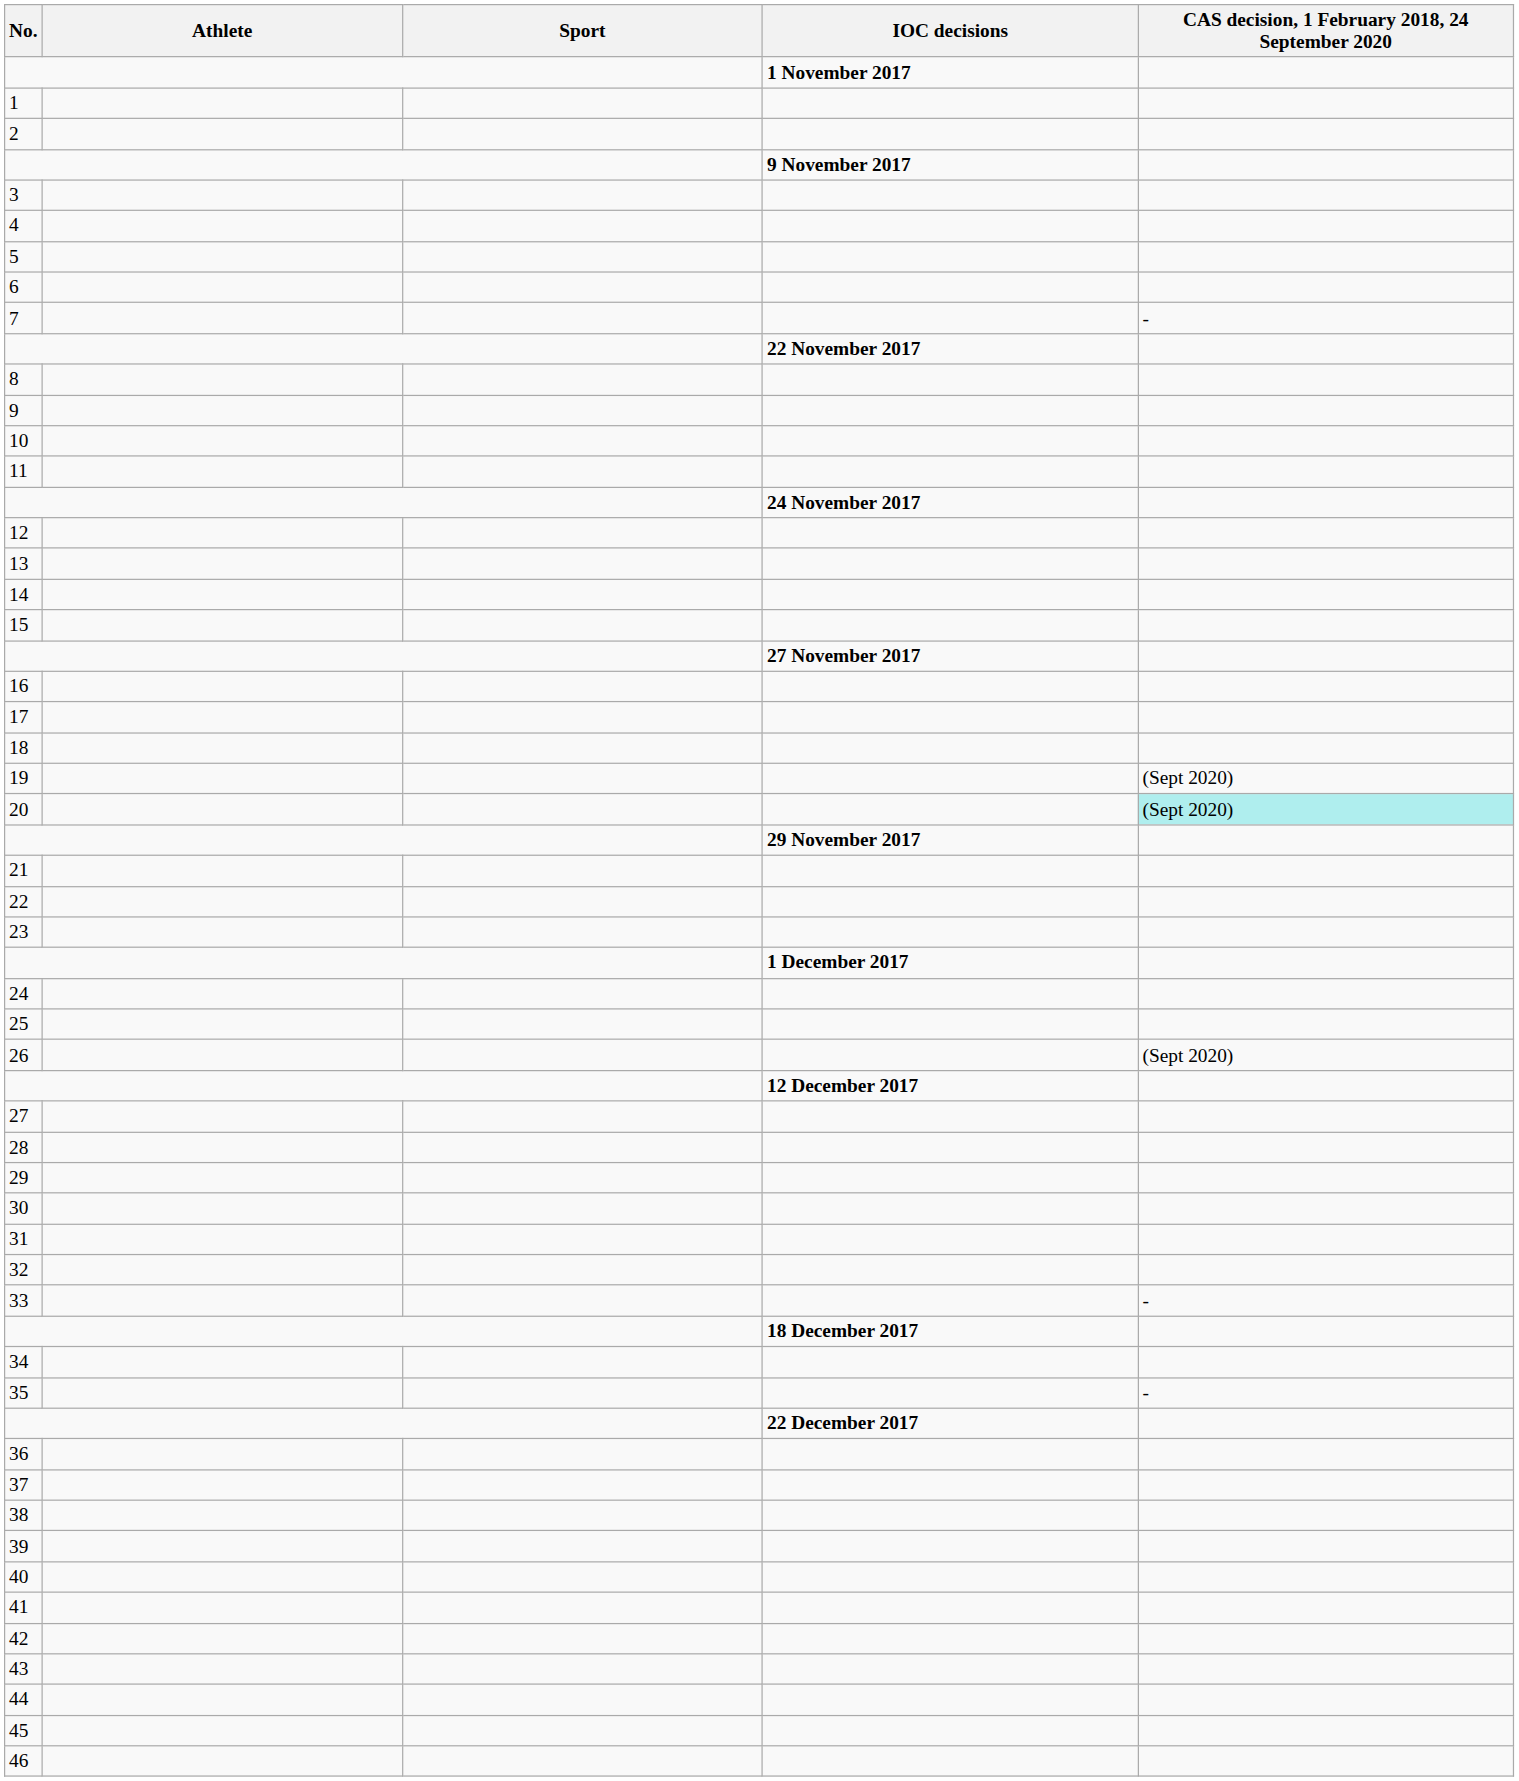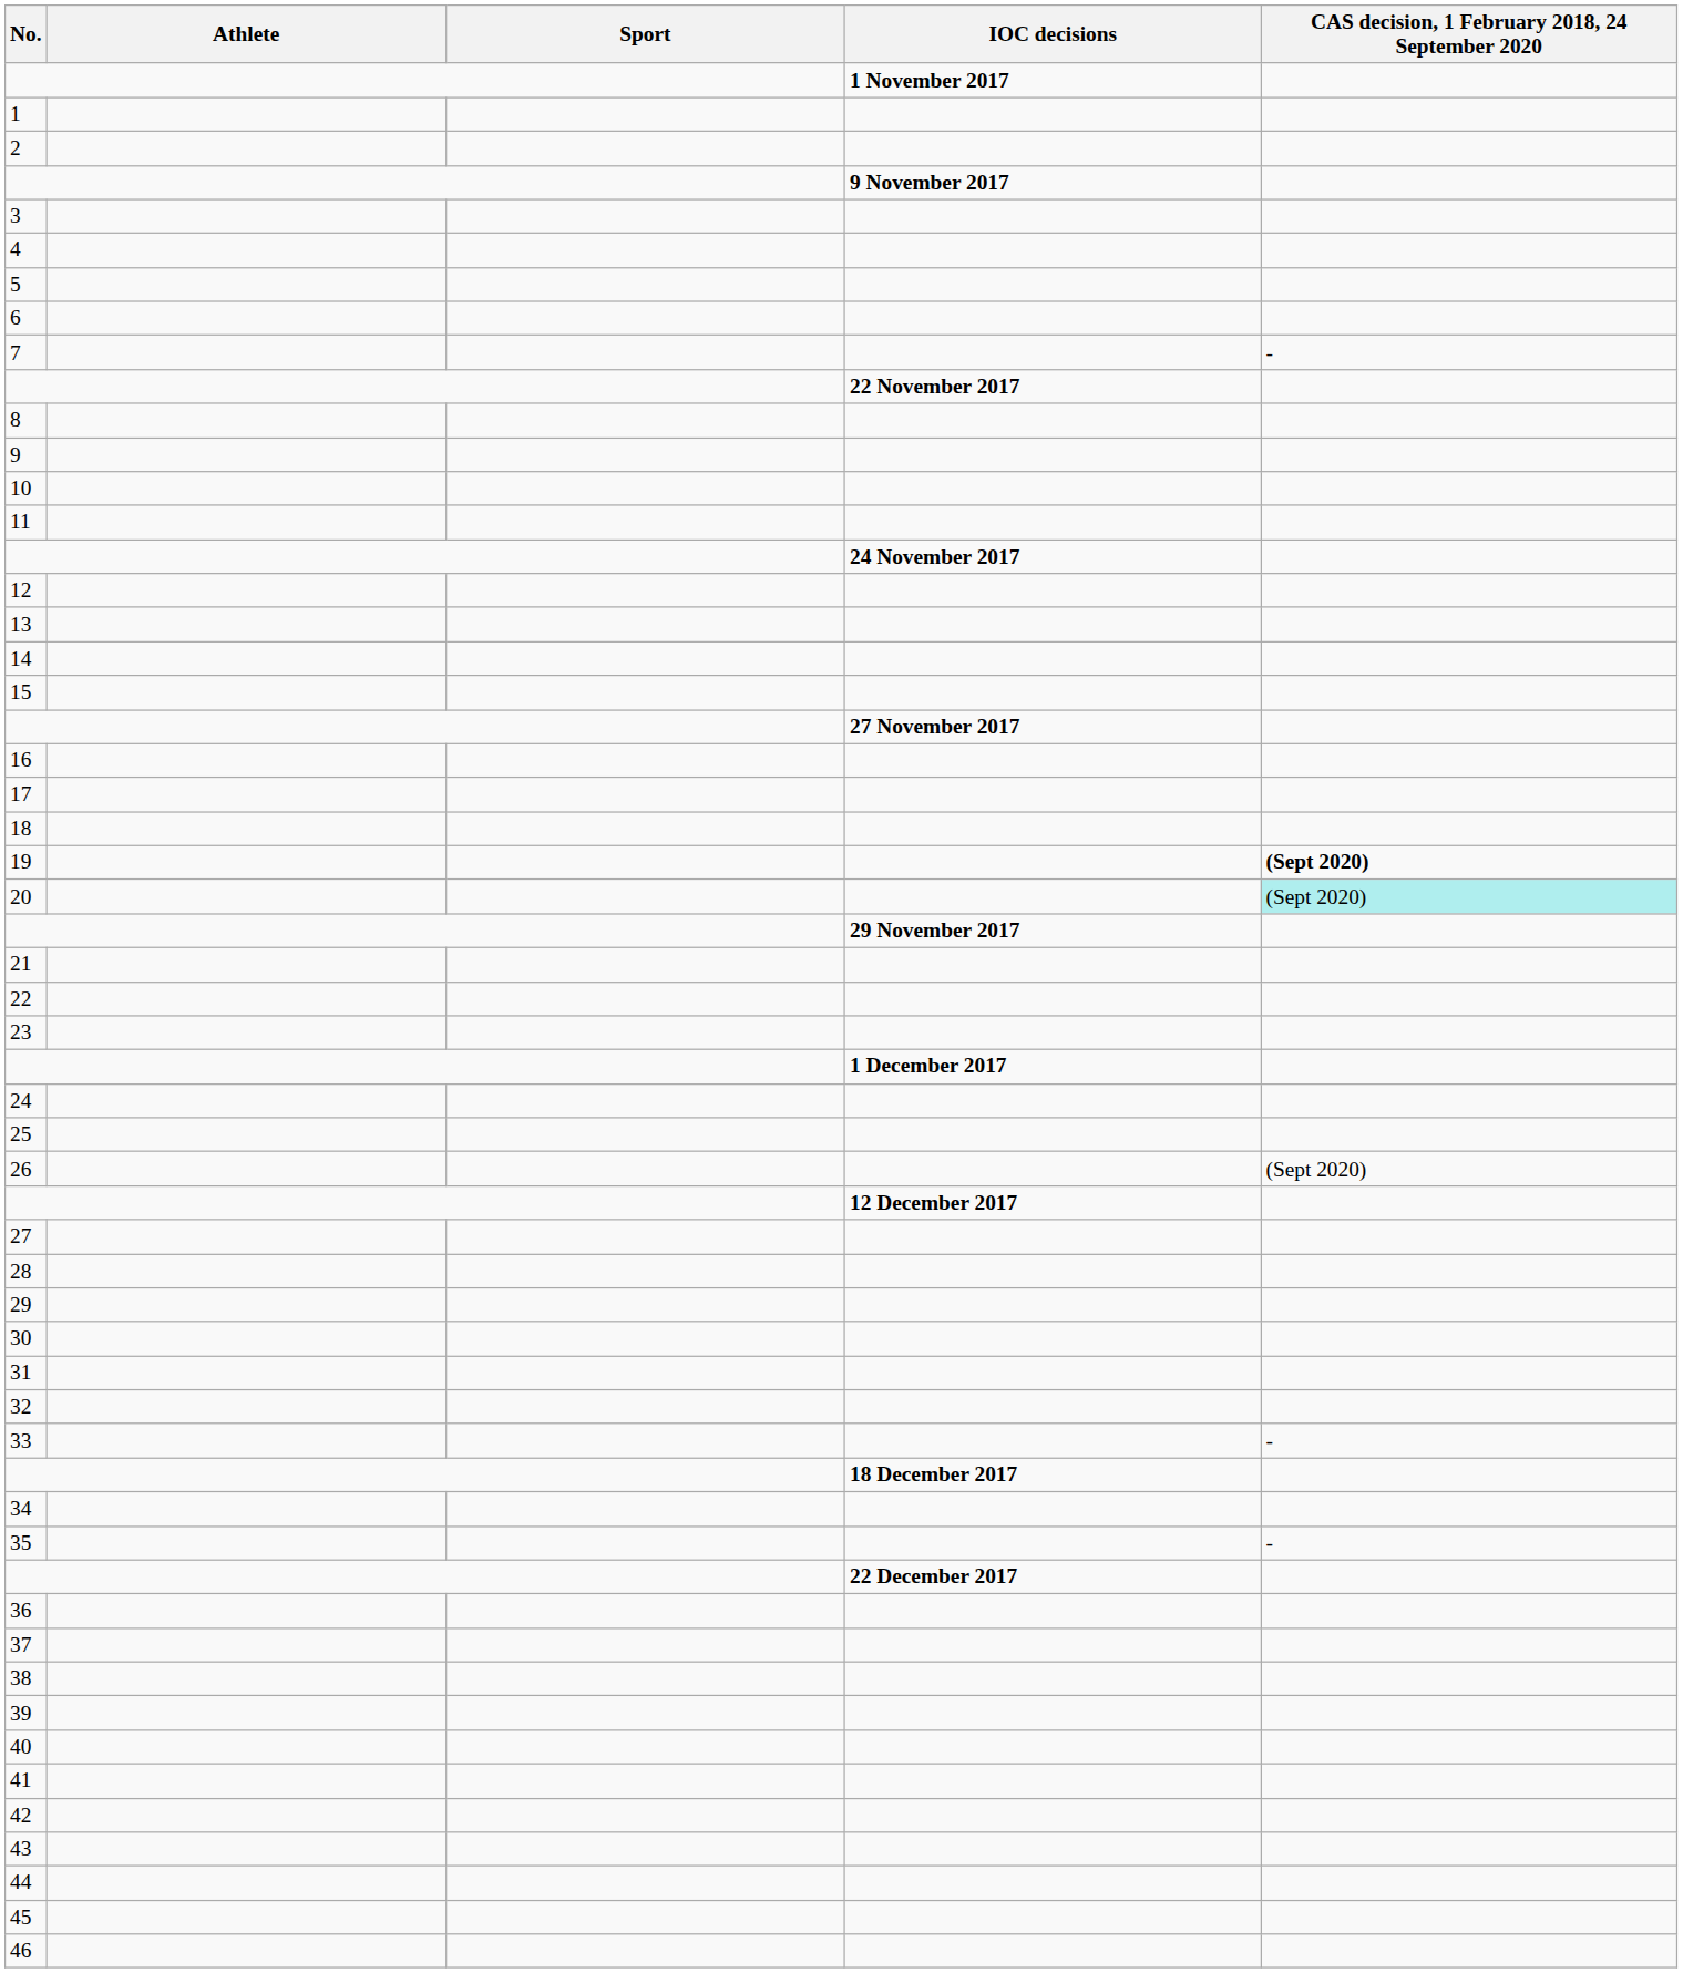 <table class="wikitable" style="text-align:left;">
 <tr>
 <th style="width:2%">No.</th>
 <th style="width:24%">Athlete</th>
 <th style="width:24%">Sport</th>
 <th style="width:25%">IOC decisions</th>
 <th style="width:25%">CAS decision, 1 February 2018, 24 September 2020</th>
 </tr>
 <tr>
 <td colspan=3></td>
 <td><strong>1 November 2017</strong></td>
 <td></td>
 </tr>
 <tr>
 <td>1</td>
 <td></td>
 <td>  </td>
 <td></td>
 <td></td>
 </tr>
 <tr>
 <td>2</td>
 <td></td>
 <td></td>
 <td></td>
 <td></td>
 </tr>
 <tr>
 <td colspan=3></td>
 <td><strong>9 November 2017</strong></td>
 <td></td>
 </tr>
 <tr>
 <td>3</td>
 <td></td>
 <td></td>
 <td></td>
 <td></td>
 </tr>
 <tr>
 <td>4</td>
 <td></td>
 <td></td>
 <td></td>
 <td></td>
 </tr>
 <tr>
 <td>5</td>
 <td></td>
 <td></td>
 <td></td>
 <td></td>
 </tr>
 <tr>
 <td>6</td>
 <td></td>
 <td>   </td>
 <td></td>
 <td></td>
 </tr>
 <tr>
 <td>7</td>
 <td></td>
 <td></td>
 <td></td>
 <td>-</td>
 </tr>
 <tr>
 <td colspan=3></td>
 <td><strong>22 November 2017</strong></td>
 <td></td>
 </tr>
 <tr>
 <td>8</td>
 <td></td>
 <td> </td>
 <td></td>
 <td></td>
 </tr>
 <tr>
 <td>9</td>
 <td></td>
 <td></td>
 <td></td>
 <td></td>
 </tr>
 <tr>
 <td>10</td>
 <td></td>
 <td></td>
 <td></td>
 <td></td>
 </tr>
 <tr>
 <td>11</td>
 <td></td>
 <td> </td>
 <td></td>
 <td></td>
 </tr>
 <tr>
 <td colspan=3></td>
 <td><strong>24 November 2017</strong></td>
 <td></td>
 </tr>
 <tr>
 <td>12</td>
 <td></td>
 <td></td>
 <td></td>
 <td></td>
 </tr>
 <tr>
 <td>13</td>
 <td></td>
 <td>  </td>
 <td></td>
 <td></td>
 </tr>
 <tr>
 <td>14</td>
 <td></td>
 <td> </td>
 <td></td>
 <td></td>
 </tr>
 <tr>
 <td>15</td>
 <td></td>
 <td></td>
 <td></td>
 <td></td>
 </tr>
 <tr>
 <td colspan=3></td>
 <td><strong>27 November 2017</strong></td>
 <td></td>
 </tr>
 <tr>
 <td>16</td>
 <td></td>
 <td></td>
 <td></td>
 <td></td>
 </tr>
 <tr>
 <td>17</td>
 <td></td>
 <td> </td>
 <td></td>
 <td></td>
 </tr>
 <tr>
 <td>18</td>
 <td></td>
 <td> </td>
 <td></td>
 <td></td>
 </tr>
 <tr>
 <td>19</td>
 <td></td>
 <td> </td>
 <td></td>
-<td> (Sept 2020)</td>
+<td><strong> (Sept 2020)</strong></td>
 </tr>
 <tr>
 <td>20</td>
 <td></td>
 <td>  </td>
 <td></td>
 <td style="background: paleturquoise;"> (Sept 2020)</td>
 </tr>
 <tr>
 <td colspan=3></td>
 <td><strong>29 November 2017</strong></td>
 <td></td>
 </tr>
 <tr>
 <td>21</td>
 <td></td>
 <td></td>
 <td></td>
 <td></td>
 </tr>
 <tr>
 <td>22</td>
 <td></td>
 <td></td>
 <td></td>
 <td></td>
 </tr>
 <tr>
 <td>23</td>
 <td></td>
 <td></td>
 <td></td>
 <td></td>
 </tr>
 <tr>
 <td colspan=3></td>
 <td><strong>1 December 2017</strong></td>
 <td></td>
 </tr>
 <tr>
 <td>24</td>
 <td></td>
 <td></td>
 <td></td>
 <td></td>
 </tr>
 <tr>
 <td>25</td>
 <td></td>
 <td></td>
 <td></td>
 <td></td>
 </tr>
 <tr>
 <td>26</td>
 <td></td>
 <td> </td>
 <td></td>
 <td> (Sept 2020)</td>
 </tr>
 <tr>
 <td colspan=3></td>
 <td><strong>12 December 2017</strong></td>
 <td></td>
 </tr>
 <tr>
 <td>27</td>
 <td></td>
 <td></td>
 <td></td>
 <td></td>
 </tr>
 <tr>
 <td>28</td>
 <td></td>
 <td></td>
 <td></td>
 <td></td>
 </tr>
 <tr>
 <td>29</td>
 <td></td>
 <td></td>
 <td></td>
 <td></td>
 </tr>
 <tr>
 <td>30</td>
 <td></td>
 <td></td>
 <td></td>
 <td></td>
 </tr>
 <tr>
 <td>31</td>
 <td></td>
 <td></td>
 <td></td>
 <td></td>
 </tr>
 <tr>
 <td>32</td>
 <td></td>
 <td></td>
 <td></td>
 <td></td>
 </tr>
 <tr>
 <td>33</td>
 <td></td>
 <td></td>
 <td></td>
 <td>-</td>
 </tr>
 <tr>
 <td colspan=3></td>
 <td><strong>18 December 2017</strong></td>
 <td></td>
 </tr>
 <tr>
 <td>34</td>
 <td></td>
 <td>  </td>
 <td></td>
 <td></td>
 </tr>
 <tr>
 <td>35</td>
 <td></td>
 <td></td>
 <td></td>
 <td>-</td>
 </tr>
 <tr>
 <td colspan=3></td>
 <td><strong>22 December 2017</strong></td>
 <td></td>
 </tr>
 <tr>
 <td>36</td>
 <td></td>
 <td></td>
 <td></td>
 <td></td>
 </tr>
 <tr>
 <td>37</td>
 <td></td>
 <td></td>
 <td></td>
 <td></td>
 </tr>
 <tr>
 <td>38</td>
 <td></td>
 <td> </td>
 <td></td>
 <td></td>
 </tr>
 <tr>
 <td>39</td>
 <td></td>
 <td>  </td>
 <td></td>
 <td></td>
 </tr>
 <tr>
 <td>40</td>
 <td></td>
 <td> </td>
 <td></td>
 <td></td>
 </tr>
 <tr>
 <td>41</td>
 <td></td>
 <td> </td>
 <td></td>
 <td></td>
 </tr>
 <tr>
 <td>42</td>
 <td></td>
 <td></td>
 <td></td>
 <td></td>
 </tr>
 <tr>
 <td>43</td>
 <td></td>
 <td></td>
 <td></td>
 <td></td>
 </tr>
 <tr>
 <td>44</td>
 <td></td>
 <td></td>
 <td></td>
 <td></td>
 </tr>
 <tr>
 <td>45</td>
 <td></td>
 <td></td>
 <td></td>
 <td></td>
 </tr>
 <tr>
 <td>46</td>
 <td></td>
 <td></td>
 <td></td>
 <td></td>
 </tr>
 </table>
